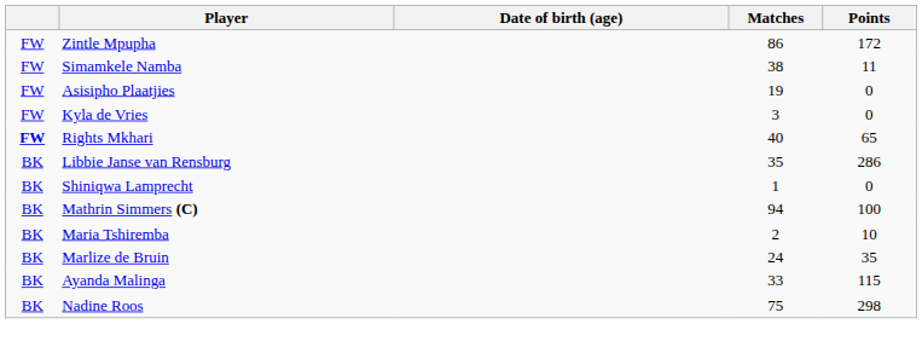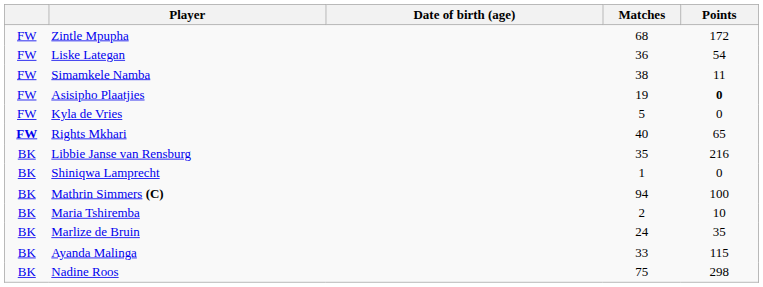 <table class="sortable wikitable plainrowheaders" style="font-size:">
 <tr>
 <th scope="col" style="width:4%"></th>
 <th scope="col" style="width:25%">Player</th>
 <th scope="col" style="width:25%">Date of birth (age)</th>
 <th scope="col" style="width:7%">Matches</th>
 <th scope="col" style="width:7%">Points</th>
 </tr>
 <tr>
 <td style="text-align:center; border:0"><a href='#'>FW</a></td>
 <td style="text-align:left; border:0"><a href='#'>Zintle Mpupha</a></td>
 <td style="text-align:left; border:0"></td>
-<td style="text-align:center; border:0">86</td>
+<td style="text-align:center; border:0">68</td>
 <td style="text-align:center; border:0">172</td>
+</tr>
+<tr>
+<td style="text-align:center; border:0"><a href='#'>FW</a></td>
+<td style="text-align:left; border:0"><a href='#'>Liske Lategan</a></td>
+<td style="text-align:left; border:0"></td>
+<td style="text-align:center; border:0">36</td>
+<td style="text-align:center; border:0">54</td>
 </tr>
 <tr>
 <td style="text-align:center; border:0"><a href='#'>FW</a></td>
 <td style="text-align:left; border:0"><a href='#'>Simamkele Namba</a></td>
 <td style="text-align:left; border:0"></td>
 <td style="text-align:center; border:0">38</td>
 <td style="text-align:center; border:0">11</td>
 </tr>
 <tr>
 <td style="text-align:center; border:0"><a href='#'>FW</a></td>
 <td style="text-align:left; border:0"><a href='#'>Asisipho Plaatjies</a></td>
 <td style="text-align:left; border:0"></td>
 <td style="text-align:center; border:0">19</td>
-<td style="text-align:center; border:0">0</td>
+<td style="text-align:center; border:0"><strong>0</strong></td>
 </tr>
 <tr>
 <td style="text-align:center; border:0"><a href='#'>FW</a></td>
 <td style="text-align:left; border:0"><a href='#'>Kyla de Vries</a></td>
 <td style="text-align:left; border:0"></td>
-<td style="text-align:center; border:0">3</td>
+<td style="text-align:center; border:0">5</td>
 <td style="text-align:center; border:0">0</td>
 </tr>
 <tr>
 <td style="text-align:center; border:0"><strong><a href='#'>FW</a></strong></td>
 <td style="text-align:left; border:0"><a href='#'>Rights Mkhari</a></td>
 <td style="text-align:left; border:0"></td>
 <td style="text-align:center; border:0">40</td>
 <td style="text-align:center; border:0">65</td>
 </tr>
 <tr>
 <td style="text-align:center; border:0"><a href='#'>BK</a></td>
 <td style="text-align:left; border:0"><a href='#'>Libbie Janse van Rensburg</a></td>
 <td style="text-align:left; border:0"></td>
 <td style="text-align:center; border:0">35</td>
-<td style="text-align:center; border:0">286</td>
+<td style="text-align:center; border:0">216</td>
 </tr>
 <tr>
 <td style="text-align:center; border:0"><a href='#'>BK</a></td>
 <td style="text-align:left; border:0"><a href='#'>Shiniqwa Lamprecht</a></td>
 <td style="text-align:left; border:0"></td>
 <td style="text-align:center; border:0">1</td>
 <td style="text-align:center; border:0">0</td>
 </tr>
 <tr>
 <td style="text-align:center; border:0"><a href='#'>BK</a></td>
 <td style="text-align:left; border:0"><a href='#'>Mathrin Simmers</a> <strong>(C)</strong></td>
 <td style="text-align:left; border:0"></td>
 <td style="text-align:center; border:0">94</td>
 <td style="text-align:center; border:0">100</td>
 </tr>
 <tr>
 <td style="text-align:center; border:0"><a href='#'>BK</a></td>
 <td style="text-align:left; border:0"><a href='#'>Maria Tshiremba</a></td>
 <td style="text-align:left; border:0"></td>
 <td style="text-align:center; border:0">2</td>
 <td style="text-align:center; border:0">10</td>
 </tr>
 <tr>
 <td style="text-align:center; border:0"><a href='#'>BK</a></td>
 <td style="text-align:left; border:0"><a href='#'>Marlize de Bruin</a></td>
 <td style="text-align:left; border:0"></td>
 <td style="text-align:center; border:0">24</td>
 <td style="text-align:center; border:0">35</td>
 </tr>
 <tr>
 <td style="text-align:center; border:0"><a href='#'>BK</a></td>
 <td style="text-align:left; border:0"><a href='#'>Ayanda Malinga</a></td>
 <td style="text-align:left; border:0"></td>
 <td style="text-align:center; border:0">33</td>
 <td style="text-align:center; border:0">115</td>
 </tr>
 <tr>
 <td style="text-align:center; border:0"><a href='#'>BK</a></td>
 <td style="text-align:left; border:0"><a href='#'>Nadine Roos</a></td>
 <td style="text-align:left; border:0"></td>
 <td style="text-align:center; border:0">75</td>
 <td style="text-align:center; border:0">298</td>
 </tr>
 </table>
